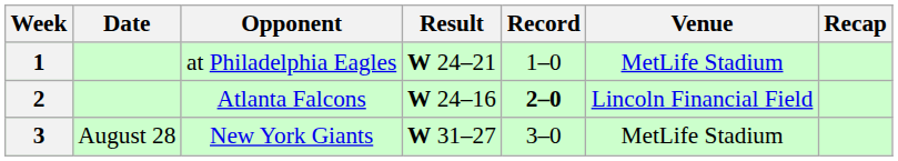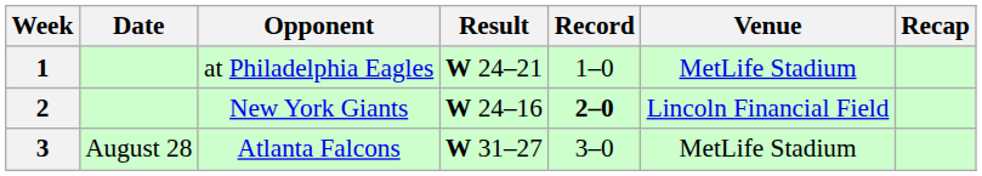 <table class="wikitable" style="text-align:center">
 <tr>
 <th>Week</th>
 <th>Date</th>
 <th>Opponent</th>
 <th>Result</th>
 <th>Record</th>
 <th>Venue</th>
 <th>Recap</th>
 </tr>
 <tr style="background:#cfc">
 <th>1</th>
 <td></td>
 <td>at <a href='#'>Philadelphia Eagles</a></td>
 <td><strong>W</strong> 24–21</td>
 <td>1–0</td>
 <td><a href='#'>MetLife Stadium</a></td>
 <td></td>
 </tr>
 <tr style="background:#cfc">
 <th>2</th>
 <td></td>
-<td><a href='#'>Atlanta Falcons</a></td>
+<td><a href='#'>New York Giants</a></td>
 <td><strong>W</strong> 24–16</td>
 <td><strong>2–0</strong></td>
 <td><a href='#'>Lincoln Financial Field</a></td>
 <td></td>
 </tr>
 <tr style="background:#cfc">
 <th>3</th>
 <td>August 28</td>
-<td><a href='#'>New York Giants</a></td>
+<td><a href='#'>Atlanta Falcons</a></td>
 <td><strong>W</strong> 31–27</td>
 <td>3–0</td>
 <td>MetLife Stadium</td>
 <td></td>
 </tr>
 </table>
